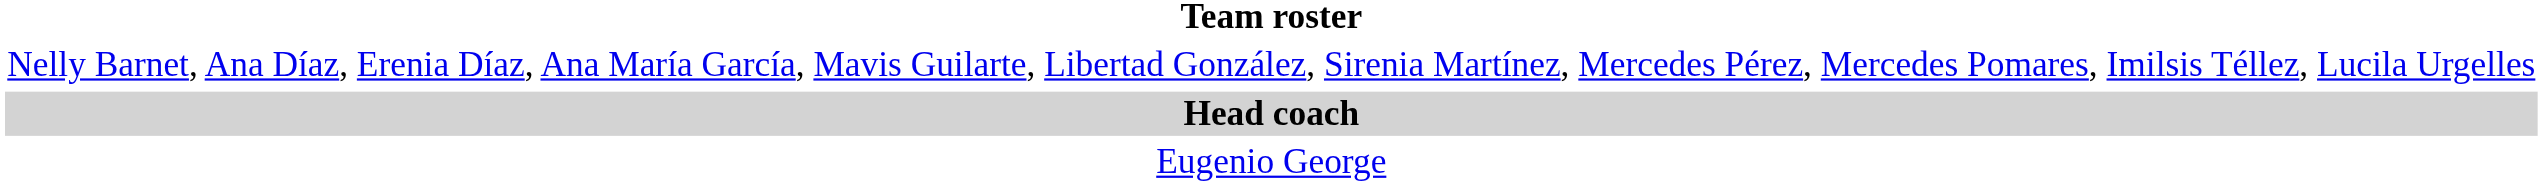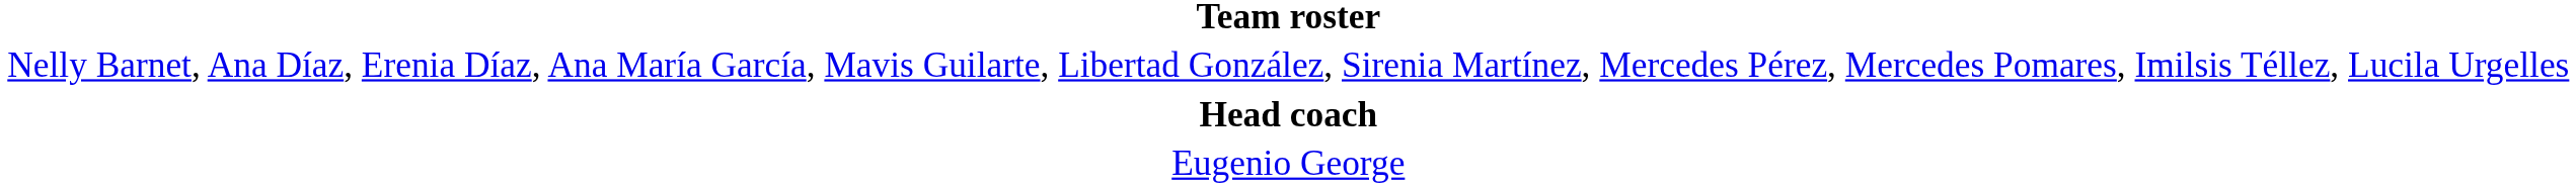 <table style="text-align: center; margin-top: 2em; margin-left: auto; margin-right: auto">
 <tr>
 <td><strong>Team roster</strong></td>
 </tr>
 <tr>
 <td><a href='#'>Nelly Barnet</a>, <a href='#'>Ana Díaz</a>, <a href='#'>Erenia Díaz</a>, <a href='#'>Ana María García</a>, <a href='#'>Mavis Guilarte</a>, <a href='#'>Libertad González</a>, <a href='#'>Sirenia Martínez</a>, <a href='#'>Mercedes Pérez</a>, <a href='#'>Mercedes Pomares</a>, <a href='#'>Imilsis Téllez</a>, <a href='#'>Lucila Urgelles</a></td>
 </tr>
 <tr>
-<td style="background: lightgrey;"><strong>Head coach</strong></td>
+<td><strong>Head coach</strong></td>
 </tr>
 <tr>
 <td><a href='#'>Eugenio George</a></td>
 </tr>
 <tr>
 </tr>
 </table>
